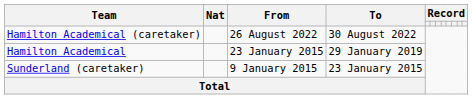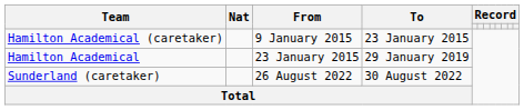 <table class="wikitable" style="text-align: center">
 <tr>
 <th rowspan="2">Team</th>
 <th rowspan="2">Nat</th>
 <th rowspan="2">From</th>
 <th rowspan="2">To</th>
 <th colspan="8">Record</th>
 </tr>
 <tr>
 <th></th>
 <th></th>
 <th></th>
 <th></th>
 <th></th>
 <th></th>
 <th></th>
 <th></th>
 </tr>
 <tr>
 <td align="left"><a href='#'>Hamilton Academical</a> (caretaker)</td>
 <td></td>
-<td align=left>26 August 2022</td>
-<td align=left>30 August 2022<br></td>
+<td align=left>9 January 2015</td>
+<td align=left>23 January 2015<br></td>
 </tr>
 <tr>
 <td align="left"><a href='#'>Hamilton Academical</a></td>
 <td></td>
 <td align=left>23 January 2015</td>
 <td align=left>29 January 2019<br></td>
 </tr>
 <tr>
 <td align=left><a href='#'>Sunderland</a> (caretaker)</td>
 <td></td>
-<td align=left>9 January 2015</td>
-<td align=left>23 January 2015<br></td>
+<td align=left>26 August 2022</td>
+<td align=left>30 August 2022<br></td>
 </tr>
 <tr>
 <th colspan="4">Total<br></th>
 </tr>
 </table>
